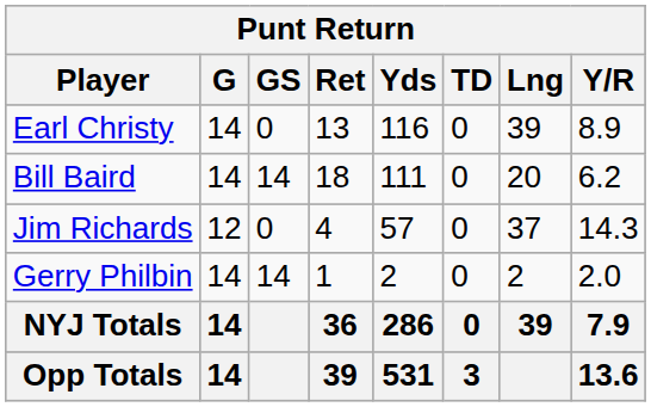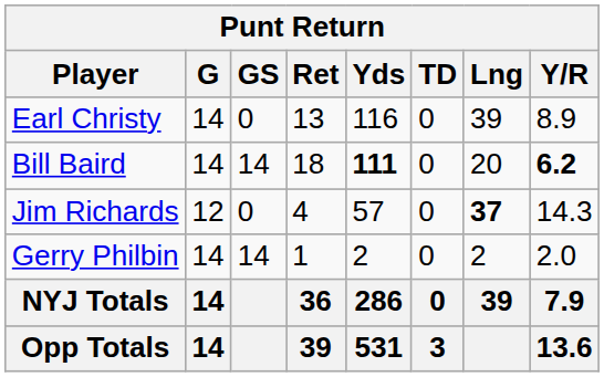 <table class="wikitable">
 <tr>
 <th colspan="8">Punt Return</th>
 </tr>
 <tr>
 <th>Player</th>
 <th>G</th>
 <th>GS</th>
 <th>Ret</th>
 <th>Yds</th>
 <th>TD</th>
 <th>Lng</th>
 <th>Y/R</th>
 </tr>
 <tr>
 <td><a href='#'>Earl Christy</a></td>
 <td>14</td>
 <td>0</td>
 <td>13</td>
 <td>116</td>
 <td>0</td>
 <td>39</td>
 <td>8.9</td>
 </tr>
 <tr>
 <td><a href='#'>Bill Baird</a></td>
 <td>14</td>
 <td>14</td>
 <td>18</td>
-<td>111</td>
+<td><strong>111</strong></td>
 <td>0</td>
 <td>20</td>
-<td>6.2</td>
+<td><strong>6.2</strong></td>
 </tr>
 <tr>
 <td><a href='#'>Jim Richards</a></td>
 <td>12</td>
 <td>0</td>
 <td>4</td>
 <td>57</td>
 <td>0</td>
-<td>37</td>
+<td><strong>37</strong></td>
 <td>14.3</td>
 </tr>
 <tr>
 <td><a href='#'>Gerry Philbin</a></td>
 <td>14</td>
 <td>14</td>
 <td>1</td>
 <td>2</td>
 <td>0</td>
 <td>2</td>
 <td>2.0</td>
 </tr>
 <tr>
 <th><strong>NYJ Totals</strong></th>
 <th>14</th>
 <th></th>
 <th>36</th>
 <th>286</th>
 <th>0</th>
 <th>39</th>
 <th>7.9</th>
 </tr>
 <tr>
 <th><strong>Opp Totals</strong></th>
 <th>14</th>
 <th></th>
 <th>39</th>
 <th>531</th>
 <th>3</th>
 <th></th>
 <th>13.6</th>
 </tr>
 </table>
